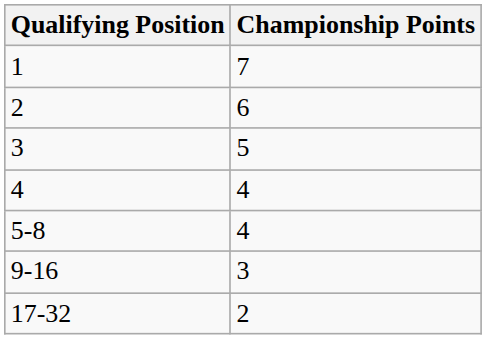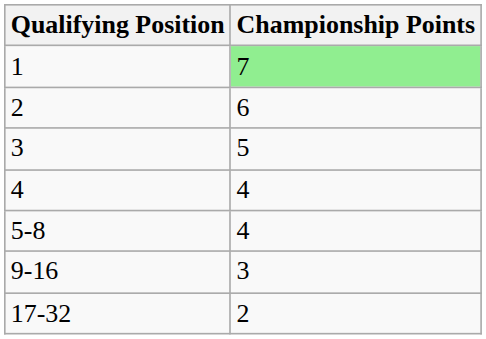 <table class="wikitable">
 <tr>
 <th>Qualifying Position</th>
 <th>Championship Points</th>
 </tr>
 <tr>
 <td>1</td>
-<td>7</td>
+<td style="background: lightgreen;">7</td>
 </tr>
 <tr>
 <td>2</td>
 <td>6</td>
 </tr>
 <tr>
 <td>3</td>
 <td>5</td>
 </tr>
 <tr>
 <td>4</td>
 <td>4</td>
 </tr>
 <tr>
 <td>5-8</td>
 <td>4</td>
 </tr>
 <tr>
 <td>9-16</td>
 <td>3</td>
 </tr>
 <tr>
 <td>17-32</td>
 <td>2</td>
 </tr>
 </table>
